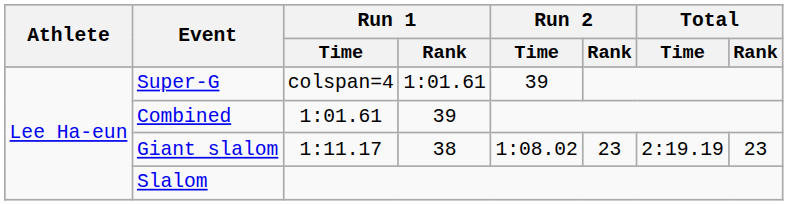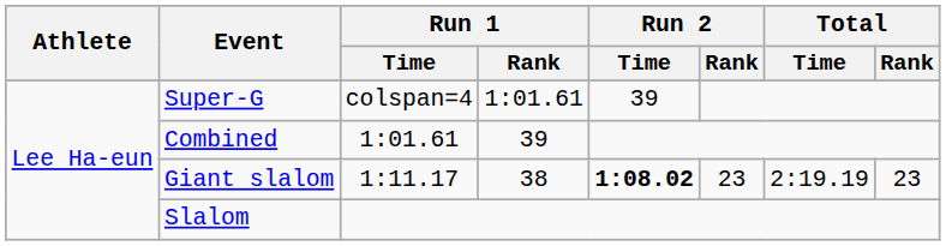 <table class="wikitable" style="font-size:90%">
 <tr>
 <th rowspan=2>Athlete</th>
 <th rowspan=2>Event</th>
 <th colspan=2>Run 1</th>
 <th colspan=2>Run 2</th>
 <th colspan=2>Total</th>
 </tr>
 <tr style="font-size:95%">
 <th>Time</th>
 <th>Rank</th>
 <th>Time</th>
 <th>Rank</th>
 <th>Time</th>
 <th>Rank</th>
 </tr>
 <tr align=center>
 <td align="left" rowspan="4"><a href='#'>Lee Ha-eun</a></td>
 <td align="left"><a href='#'>Super-G</a></td>
 <td>colspan=4</td>
 <td>1:01.61</td>
 <td>39</td>
 </tr>
 <tr align=center>
 <td align="left"><a href='#'>Combined</a></td>
 <td>1:01.61</td>
 <td>39</td>
 <td colspan=4></td>
 </tr>
 <tr align=center>
 <td align="left"><a href='#'>Giant slalom</a></td>
 <td>1:11.17</td>
 <td>38</td>
-<td>1:08.02</td>
+<td><strong>1:08.02</strong></td>
 <td>23</td>
 <td>2:19.19</td>
 <td>23</td>
 </tr>
 <tr align=center>
 <td align="left"><a href='#'>Slalom</a></td>
 <td colspan=6></td>
 </tr>
 </table>
